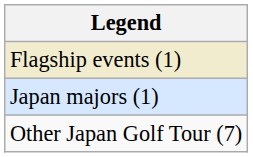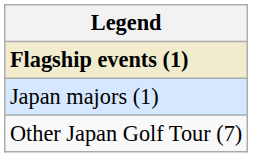 <table class="wikitable" style="font-size:95%;">
 <tr>
 <th>Legend</th>
 </tr>
 <tr style="background:#f2ecce;">
-<td>Flagship events (1)</td>
+<td><strong>Flagship events (1)</strong></td>
 </tr>
 <tr style="background:#D6E8FF;">
 <td>Japan majors (1)</td>
 </tr>
 <tr>
 <td>Other Japan Golf Tour (7)</td>
 </tr>
 </table>
